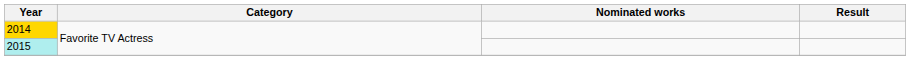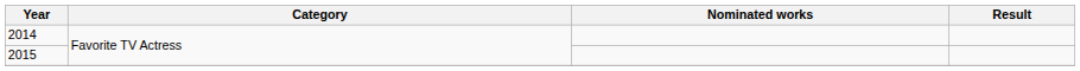 <table class="wikitable" width="85%">
 <tr>
 <th width="5%">Year</th>
 <th width="40%">Category</th>
 <th width="30%">Nominated works</th>
 <th width="10%">Result</th>
 </tr>
 <tr>
-<td style="background: gold;">2014</td>
+<td>2014</td>
 <td rowspan="2">Favorite TV Actress</td>
 <td></td>
 <td></td>
 </tr>
 <tr>
-<td style="background: paleturquoise;">2015</td>
+<td>2015</td>
 <td></td>
 <td></td>
 </tr>
 <tr>
 </tr>
 </table>
